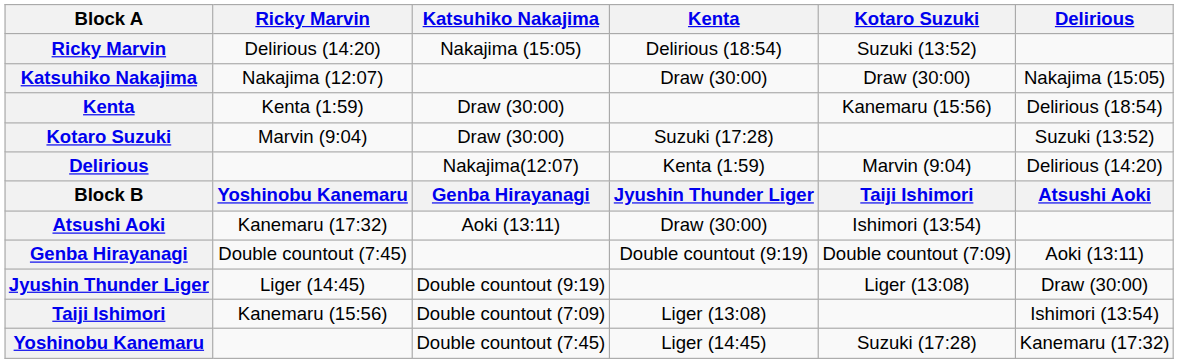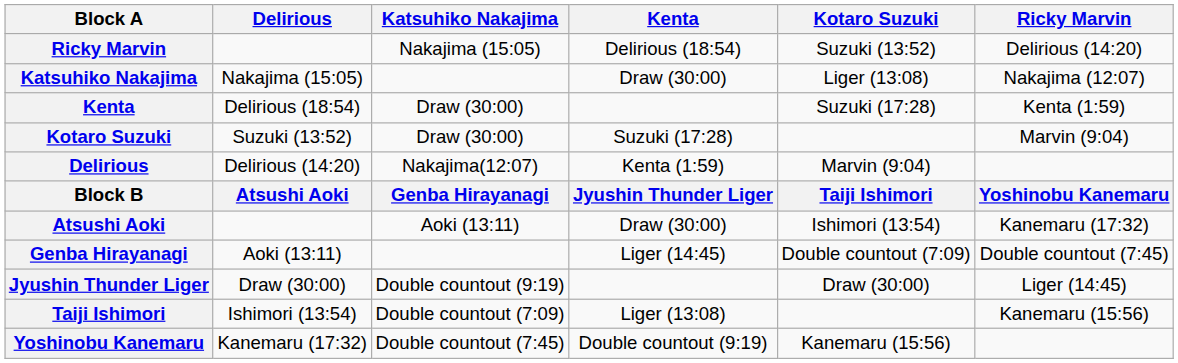 <table class="wikitable" style="margin: 1em auto 1em auto">
 <tr>
 <th>Block A</th>
-<th><a href='#'>Ricky Marvin</a></th>
+<th><a href='#'>Delirious</a></th>
 <th><a href='#'>Katsuhiko Nakajima</a></th>
 <th><a href='#'>Kenta</a></th>
 <th><a href='#'>Kotaro Suzuki</a></th>
-<th><a href='#'>Delirious</a></th>
+<th><a href='#'>Ricky Marvin</a></th>
 </tr>
 <tr align="center">
 <th><a href='#'>Ricky Marvin</a></th>
-<td>Delirious (14:20)</td>
+<td></td>
 <td>Nakajima (15:05)</td>
 <td>Delirious (18:54)</td>
 <td>Suzuki (13:52)</td>
+<td>Delirious (14:20)</td>
+</tr>
+<tr align="center">
+<th><a href='#'>Katsuhiko Nakajima</a></th>
+<td>Nakajima (15:05)</td>
+<td></td>
+<td>Draw (30:00)</td>
+<td>Liger (13:08)</td>
+<td>Nakajima (12:07)</td>
+</tr>
+<tr align="center">
+<th><a href='#'>Kenta</a></th>
+<td>Delirious (18:54)</td>
+<td>Draw (30:00)</td>
+<td></td>
+<td>Suzuki (17:28)</td>
+<td>Kenta (1:59)</td>
+</tr>
+<tr align="center">
+<th><a href='#'>Kotaro Suzuki</a></th>
+<td>Suzuki (13:52)</td>
+<td>Draw (30:00)</td>
+<td>Suzuki (17:28)</td>
+<td></td>
+<td>Marvin (9:04)</td>
+</tr>
+<tr align="center">
+<th><a href='#'>Delirious</a></th>
+<td>Delirious (14:20)</td>
+<td>Nakajima(12:07)</td>
+<td>Kenta (1:59)</td>
+<td>Marvin (9:04)</td>
 <td></td>
 </tr>
 <tr align="center">
-<th><a href='#'>Katsuhiko Nakajima</a></th>
-<td>Nakajima (12:07)</td>
-<td></td>
-<td>Draw (30:00)</td>
-<td>Draw (30:00)</td>
-<td>Nakajima (15:05)</td>
-</tr>
-<tr align="center">
-<th><a href='#'>Kenta</a></th>
-<td>Kenta (1:59)</td>
-<td>Draw (30:00)</td>
-<td></td>
-<td>Kanemaru (15:56)</td>
-<td>Delirious (18:54)</td>
-</tr>
-<tr align="center">
-<th><a href='#'>Kotaro Suzuki</a></th>
-<td>Marvin (9:04)</td>
-<td>Draw (30:00)</td>
-<td>Suzuki (17:28)</td>
-<td></td>
-<td>Suzuki (13:52)</td>
-</tr>
-<tr align="center">
-<th><a href='#'>Delirious</a></th>
-<td></td>
-<td>Nakajima(12:07)</td>
-<td>Kenta (1:59)</td>
-<td>Marvin (9:04)</td>
-<td>Delirious (14:20)</td>
-</tr>
-<tr align="center">
 <th>Block B</th>
-<th><a href='#'>Yoshinobu Kanemaru</a></th>
+<th><a href='#'>Atsushi Aoki</a></th>
 <th><a href='#'>Genba Hirayanagi</a></th>
 <th><a href='#'>Jyushin Thunder Liger</a></th>
 <th><a href='#'>Taiji Ishimori</a></th>
-<th><a href='#'>Atsushi Aoki</a></th>
+<th><a href='#'>Yoshinobu Kanemaru</a></th>
 </tr>
 <tr align="center">
 <th><a href='#'>Atsushi Aoki</a></th>
-<td>Kanemaru (17:32)</td>
+<td></td>
 <td>Aoki (13:11)</td>
 <td>Draw (30:00)</td>
 <td>Ishimori (13:54)</td>
-<td></td>
+<td>Kanemaru (17:32)</td>
 </tr>
 <tr align="center">
 <th><a href='#'>Genba Hirayanagi</a></th>
+<td>Aoki (13:11)</td>
+<td></td>
+<td>Liger (14:45)</td>
+<td>Double countout (7:09)</td>
 <td>Double countout (7:45)</td>
-<td></td>
-<td>Double countout (9:19)</td>
-<td>Double countout (7:09)</td>
-<td>Aoki (13:11)</td>
 </tr>
 <tr align="center">
 <th><a href='#'>Jyushin Thunder Liger</a></th>
-<td>Liger (14:45)</td>
+<td>Draw (30:00)</td>
 <td>Double countout (9:19)</td>
 <td></td>
-<td>Liger (13:08)</td>
 <td>Draw (30:00)</td>
+<td>Liger (14:45)</td>
 </tr>
 <tr align="center">
 <th><a href='#'>Taiji Ishimori</a></th>
-<td>Kanemaru (15:56)</td>
+<td>Ishimori (13:54)</td>
 <td>Double countout (7:09)</td>
 <td>Liger (13:08)</td>
 <td></td>
-<td>Ishimori (13:54)</td>
+<td>Kanemaru (15:56)</td>
 </tr>
 <tr align="center">
 <th><a href='#'>Yoshinobu Kanemaru</a></th>
+<td>Kanemaru (17:32)</td>
+<td>Double countout (7:45)</td>
+<td>Double countout (9:19)</td>
+<td>Kanemaru (15:56)</td>
 <td></td>
-<td>Double countout (7:45)</td>
-<td>Liger (14:45)</td>
-<td>Suzuki (17:28)</td>
-<td>Kanemaru (17:32)</td>
 </tr>
 </table>
